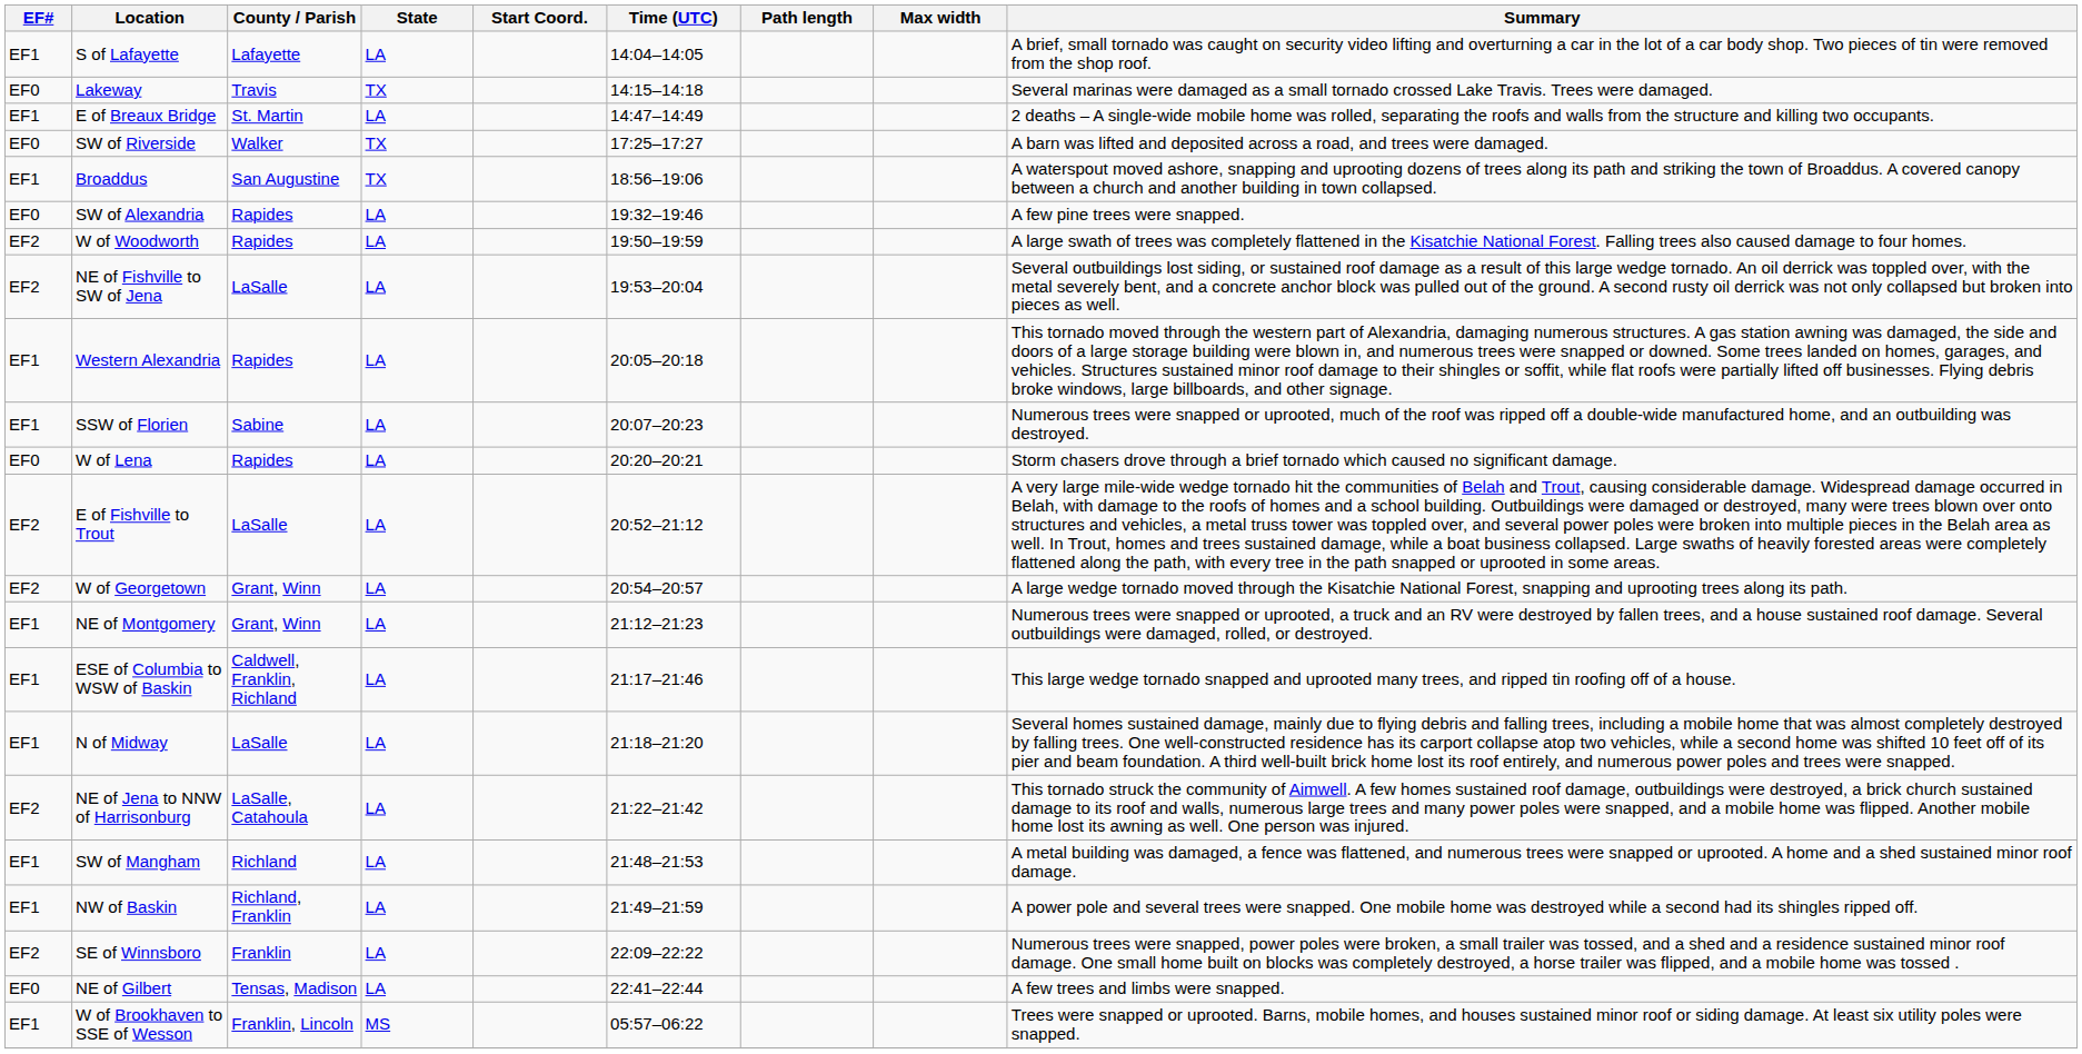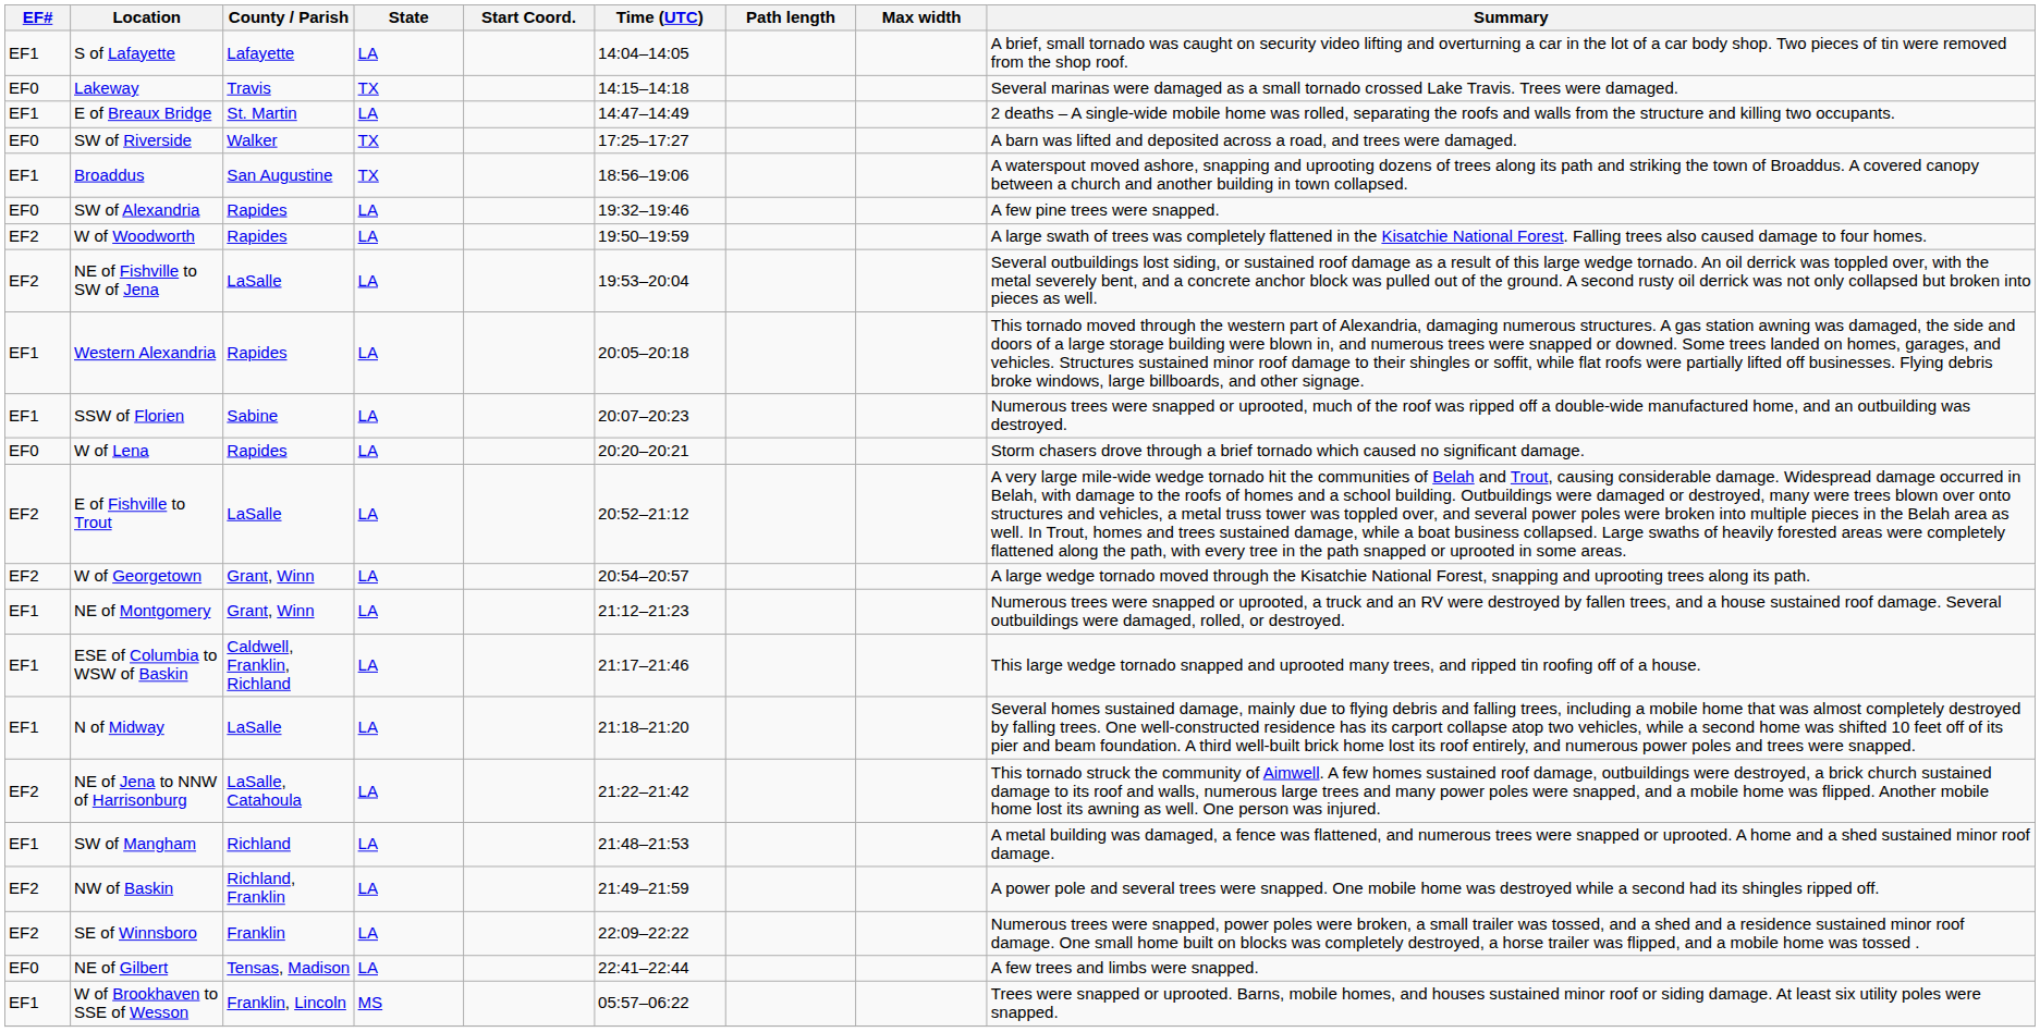 <table class="wikitable sortable" style="width:100%;">
 <tr>
 <th scope="col"  style="width:3%; text-align:center;"><a href='#'>EF#</a></th>
 <th scope="col"  style="width:7%; text-align:center;" class="unsortable">Location</th>
 <th scope="col"  style="width:6%; text-align:center;" class="unsortable">County / Parish</th>
 <th scope="col"  style="width:5%; text-align:center;">State</th>
 <th scope="col"  style="width:6%; text-align:center;">Start Coord.</th>
 <th scope="col"  style="width:6%; text-align:center;">Time (<a href='#'>UTC</a>)</th>
 <th scope="col"  style="width:6%; text-align:center;">Path length</th>
 <th scope="col"  style="width:6%; text-align:center;">Max width</th>
 <th scope="col" class="unsortable" style="width:48%; text-align:center;">Summary</th>
 </tr>
 <tr>
 <td>EF1</td>
 <td>S of <a href='#'>Lafayette</a></td>
 <td><a href='#'>Lafayette</a></td>
 <td><a href='#'>LA</a></td>
 <td></td>
 <td>14:04–14:05</td>
 <td></td>
 <td></td>
 <td>A brief, small tornado was caught on security video lifting and overturning a car in the lot of a car body shop. Two pieces of tin were removed from the shop roof.</td>
 </tr>
 <tr>
 <td>EF0</td>
 <td><a href='#'>Lakeway</a></td>
 <td><a href='#'>Travis</a></td>
 <td><a href='#'>TX</a></td>
 <td></td>
 <td>14:15–14:18</td>
 <td></td>
 <td></td>
 <td>Several marinas were damaged as a small tornado crossed Lake Travis. Trees were damaged.</td>
 </tr>
 <tr>
 <td>EF1</td>
 <td>E of <a href='#'>Breaux Bridge</a></td>
 <td><a href='#'>St. Martin</a></td>
 <td><a href='#'>LA</a></td>
 <td></td>
 <td>14:47–14:49</td>
 <td></td>
 <td></td>
 <td>2 deaths – A single-wide mobile home was rolled, separating the roofs and walls from the structure and killing two occupants.</td>
 </tr>
 <tr>
 <td>EF0</td>
 <td>SW of <a href='#'>Riverside</a></td>
 <td><a href='#'>Walker</a></td>
 <td><a href='#'>TX</a></td>
 <td></td>
 <td>17:25–17:27</td>
 <td></td>
 <td></td>
 <td>A barn was lifted and deposited across a road, and trees were damaged.</td>
 </tr>
 <tr>
 <td>EF1</td>
 <td><a href='#'>Broaddus</a></td>
 <td><a href='#'>San Augustine</a></td>
 <td><a href='#'>TX</a></td>
 <td></td>
 <td>18:56–19:06</td>
 <td></td>
 <td></td>
 <td>A waterspout moved ashore, snapping and uprooting dozens of trees along its path and striking the town of Broaddus. A covered canopy between a church and another building in town collapsed.</td>
 </tr>
 <tr>
 <td>EF0</td>
 <td>SW of <a href='#'>Alexandria</a></td>
 <td><a href='#'>Rapides</a></td>
 <td><a href='#'>LA</a></td>
 <td></td>
 <td>19:32–19:46</td>
 <td></td>
 <td></td>
 <td>A few pine trees were snapped.</td>
 </tr>
 <tr>
 <td>EF2</td>
 <td>W of <a href='#'>Woodworth</a></td>
 <td><a href='#'>Rapides</a></td>
 <td><a href='#'>LA</a></td>
 <td></td>
 <td>19:50–19:59</td>
 <td></td>
 <td></td>
 <td>A large swath of trees was completely flattened in the <a href='#'>Kisatchie National Forest</a>. Falling trees also caused damage to four homes.</td>
 </tr>
 <tr>
 <td>EF2</td>
 <td>NE of <a href='#'>Fishville</a> to SW of <a href='#'>Jena</a></td>
 <td><a href='#'>LaSalle</a></td>
 <td><a href='#'>LA</a></td>
 <td></td>
 <td>19:53–20:04</td>
 <td></td>
 <td></td>
 <td>Several outbuildings lost siding, or sustained roof damage as a result of this large wedge tornado. An oil derrick was toppled over, with the metal severely bent, and a concrete anchor block was pulled out of the ground. A second rusty oil derrick was not only collapsed but broken into pieces as well.</td>
 </tr>
 <tr>
 <td>EF1</td>
 <td><a href='#'>Western Alexandria</a></td>
 <td><a href='#'>Rapides</a></td>
 <td><a href='#'>LA</a></td>
 <td></td>
 <td>20:05–20:18</td>
 <td></td>
 <td></td>
 <td>This tornado moved through the western part of Alexandria, damaging numerous structures. A gas station awning was damaged, the side and doors of a large storage building were blown in, and numerous trees were snapped or downed. Some trees landed on homes, garages, and vehicles. Structures sustained minor roof damage to their shingles or soffit, while flat roofs were partially lifted off businesses. Flying debris broke windows, large billboards, and other signage.</td>
 </tr>
 <tr>
 <td>EF1</td>
 <td>SSW of <a href='#'>Florien</a></td>
 <td><a href='#'>Sabine</a></td>
 <td><a href='#'>LA</a></td>
 <td></td>
 <td>20:07–20:23</td>
 <td></td>
 <td></td>
 <td>Numerous trees were snapped or uprooted, much of the roof was ripped off a double-wide manufactured home, and an outbuilding was destroyed.</td>
 </tr>
 <tr>
 <td>EF0</td>
 <td>W of <a href='#'>Lena</a></td>
 <td><a href='#'>Rapides</a></td>
 <td><a href='#'>LA</a></td>
 <td></td>
 <td>20:20–20:21</td>
 <td></td>
 <td></td>
 <td>Storm chasers drove through a brief tornado which caused no significant damage.</td>
 </tr>
 <tr>
 <td>EF2</td>
 <td>E of <a href='#'>Fishville</a> to <a href='#'>Trout</a></td>
 <td><a href='#'>LaSalle</a></td>
 <td><a href='#'>LA</a></td>
 <td></td>
 <td>20:52–21:12</td>
 <td></td>
 <td></td>
 <td>A very large mile-wide wedge tornado hit the communities of <a href='#'>Belah</a> and <a href='#'>Trout</a>, causing considerable damage. Widespread damage occurred in Belah, with damage to the roofs of homes and a school building. Outbuildings were damaged or destroyed, many were trees blown over onto structures and vehicles, a metal truss tower was toppled over, and several power poles were broken into multiple pieces in the Belah area as well. In Trout, homes and trees sustained damage, while a boat business collapsed. Large swaths of heavily forested areas were completely flattened along the path, with every tree in the path snapped or uprooted in some areas.</td>
 </tr>
 <tr>
 <td>EF2</td>
 <td>W of <a href='#'>Georgetown</a></td>
 <td><a href='#'>Grant</a>, <a href='#'>Winn</a></td>
 <td><a href='#'>LA</a></td>
 <td></td>
 <td>20:54–20:57</td>
 <td></td>
 <td></td>
 <td>A large wedge tornado moved through the Kisatchie National Forest, snapping and uprooting trees along its path.</td>
 </tr>
 <tr>
 <td>EF1</td>
 <td>NE of <a href='#'>Montgomery</a></td>
 <td><a href='#'>Grant</a>, <a href='#'>Winn</a></td>
 <td><a href='#'>LA</a></td>
 <td></td>
 <td>21:12–21:23</td>
 <td></td>
 <td></td>
 <td>Numerous trees were snapped or uprooted, a truck and an RV were destroyed by fallen trees, and a house sustained roof damage. Several outbuildings were damaged, rolled, or destroyed.</td>
 </tr>
 <tr>
 <td>EF1</td>
 <td>ESE of <a href='#'>Columbia</a> to WSW of <a href='#'>Baskin</a></td>
 <td><a href='#'>Caldwell</a>, <a href='#'>Franklin</a>, <a href='#'>Richland</a></td>
 <td><a href='#'>LA</a></td>
 <td></td>
 <td>21:17–21:46</td>
 <td></td>
 <td></td>
 <td>This large wedge tornado snapped and uprooted many trees, and ripped tin roofing off of a house.<br></td>
 </tr>
 <tr>
 <td>EF1</td>
 <td>N of <a href='#'>Midway</a></td>
 <td><a href='#'>LaSalle</a></td>
 <td><a href='#'>LA</a></td>
 <td></td>
 <td>21:18–21:20</td>
 <td></td>
 <td></td>
 <td>Several homes sustained damage, mainly due to flying debris and falling trees, including a mobile home that was almost completely destroyed by falling trees. One well-constructed residence has its carport collapse atop two vehicles, while a second home was shifted 10 feet off of its pier and beam foundation. A third well-built brick home lost its roof entirely, and numerous power poles and trees were snapped.</td>
 </tr>
 <tr>
 <td>EF2</td>
 <td>NE of <a href='#'>Jena</a> to NNW of <a href='#'>Harrisonburg</a></td>
 <td><a href='#'>LaSalle</a>, <a href='#'>Catahoula</a></td>
 <td><a href='#'>LA</a></td>
 <td></td>
 <td>21:22–21:42</td>
 <td></td>
 <td></td>
 <td>This tornado struck the community of <a href='#'>Aimwell</a>. A few homes sustained roof damage, outbuildings were destroyed, a brick church sustained damage to its roof and walls, numerous large trees and many power poles were snapped, and a mobile home was flipped. Another mobile home lost its awning as well. One person was injured.</td>
 </tr>
 <tr>
 <td>EF1</td>
 <td>SW of <a href='#'>Mangham</a></td>
 <td><a href='#'>Richland</a></td>
 <td><a href='#'>LA</a></td>
 <td></td>
 <td>21:48–21:53</td>
 <td></td>
 <td></td>
 <td>A metal building was damaged, a fence was flattened, and numerous trees were snapped or uprooted. A home and a shed sustained minor roof damage.</td>
 </tr>
 <tr>
-<td>EF1</td>
+<td>EF2</td>
 <td>NW of <a href='#'>Baskin</a></td>
 <td><a href='#'>Richland</a>, <a href='#'>Franklin</a></td>
 <td><a href='#'>LA</a></td>
 <td></td>
 <td>21:49–21:59</td>
 <td></td>
 <td></td>
 <td>A power pole and several trees were snapped. One mobile home was destroyed while a second had its shingles ripped off.</td>
 </tr>
 <tr>
 <td>EF2</td>
 <td>SE of <a href='#'>Winnsboro</a></td>
 <td><a href='#'>Franklin</a></td>
 <td><a href='#'>LA</a></td>
 <td></td>
 <td>22:09–22:22</td>
 <td></td>
 <td></td>
 <td>Numerous trees were snapped, power poles were broken, a small trailer was tossed, and a shed and a residence sustained minor roof damage. One small home built on blocks was completely destroyed, a horse trailer was flipped, and a mobile home was tossed .</td>
 </tr>
 <tr>
 <td>EF0</td>
 <td>NE of <a href='#'>Gilbert</a></td>
 <td><a href='#'>Tensas</a>, <a href='#'>Madison</a></td>
 <td><a href='#'>LA</a></td>
 <td></td>
 <td>22:41–22:44</td>
 <td></td>
 <td></td>
 <td>A few trees and limbs were snapped.</td>
 </tr>
 <tr>
 <td>EF1</td>
 <td>W of <a href='#'>Brookhaven</a> to SSE of <a href='#'>Wesson</a></td>
 <td><a href='#'>Franklin</a>, <a href='#'>Lincoln</a></td>
 <td><a href='#'>MS</a></td>
 <td></td>
 <td>05:57–06:22</td>
 <td></td>
 <td></td>
 <td>Trees were snapped or uprooted. Barns, mobile homes, and houses sustained minor roof or siding damage. At least six utility poles were snapped.</td>
 </tr>
 <tr>
 </tr>
 </table>
